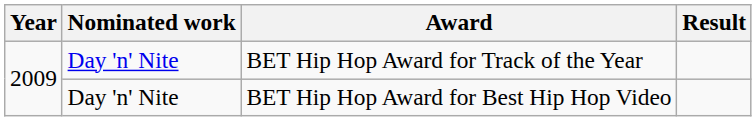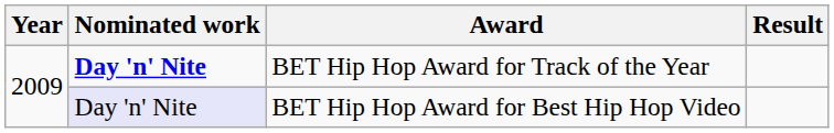 <table class="wikitable">
 <tr>
 <th>Year</th>
 <th>Nominated work</th>
 <th>Award</th>
 <th>Result</th>
 </tr>
 <tr>
 <td rowspan="5">2009</td>
-<td><a href='#'>Day 'n' Nite</a></td>
+<td><strong><a href='#'>Day 'n' Nite</a></strong></td>
 <td>BET Hip Hop Award for Track of the Year</td>
 <td></td>
 </tr>
 <tr>
-<td>Day 'n' Nite</td>
+<td style="background: lavender;">Day 'n' Nite</td>
 <td>BET Hip Hop Award for Best Hip Hop Video</td>
 <td></td>
 </tr>
 </table>
